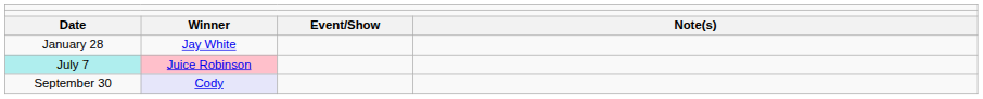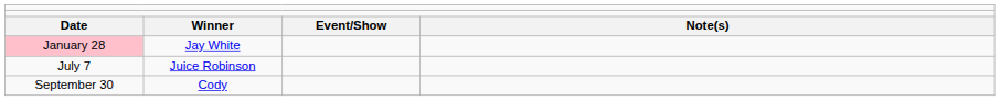 <table class="wikitable" style="text-align:center; width:100%;">
 <tr>
 <td colspan="5"></td>
 </tr>
 <tr>
 <td colspan="5"><strong></strong></td>
 </tr>
 <tr>
 <th width=14%>Date</th>
 <th width=14%>Winner</th>
 <th width=14%>Event/Show</th>
 <th width=58%>Note(s)</th>
 </tr>
 <tr>
-<td>January 28</td>
+<td style="background: pink;">January 28</td>
 <td><a href='#'>Jay White</a></td>
 <td></td>
 <td align=left></td>
 </tr>
 <tr>
-<td style="background: paleturquoise;">July 7</td>
-<td style="background: pink;"><a href='#'>Juice Robinson</a></td>
+<td>July 7</td>
+<td><a href='#'>Juice Robinson</a></td>
 <td></td>
 <td align=left></td>
 </tr>
 <tr>
 <td>September 30</td>
-<td style="background: lavender;"><a href='#'>Cody</a></td>
+<td><a href='#'>Cody</a></td>
 <td></td>
 <td align=left></td>
 </tr>
 </table>
